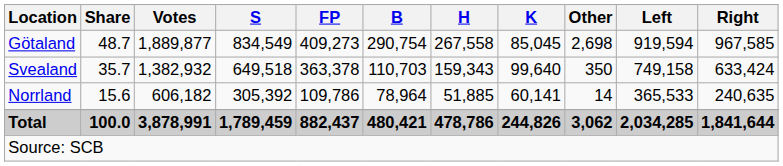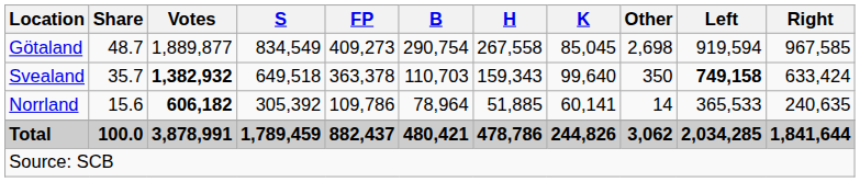 <table class="wikitable sortable" style=text-align:right>
 <tr>
 <th>Location</th>
 <th>Share</th>
 <th>Votes</th>
 <th><a href='#'>S</a></th>
 <th><a href='#'>FP</a></th>
 <th><a href='#'>B</a></th>
 <th><a href='#'>H</a></th>
 <th><a href='#'>K</a></th>
 <th>Other</th>
 <th>Left</th>
 <th>Right</th>
 </tr>
 <tr>
 <td align=left><a href='#'>Götaland</a></td>
 <td>48.7</td>
 <td>1,889,877</td>
 <td>834,549</td>
 <td>409,273</td>
 <td>290,754</td>
 <td>267,558</td>
 <td>85,045</td>
 <td>2,698</td>
 <td>919,594</td>
 <td>967,585</td>
 </tr>
 <tr>
 <td align=left><a href='#'>Svealand</a></td>
 <td>35.7</td>
-<td>1,382,932</td>
+<td><strong>1,382,932</strong></td>
 <td>649,518</td>
 <td>363,378</td>
 <td>110,703</td>
 <td>159,343</td>
 <td>99,640</td>
 <td>350</td>
-<td>749,158</td>
+<td><strong>749,158</strong></td>
 <td>633,424</td>
 </tr>
 <tr>
 <td align=left><a href='#'>Norrland</a></td>
 <td>15.6</td>
-<td>606,182</td>
+<td><strong>606,182</strong></td>
 <td>305,392</td>
 <td>109,786</td>
 <td>78,964</td>
 <td>51,885</td>
 <td>60,141</td>
 <td>14</td>
 <td>365,533</td>
 <td>240,635</td>
 </tr>
 <tr>
 </tr>
 <tr style="background:#CDCDCD;">
 <td align=left><strong>Total</strong></td>
 <td><strong>100.0</strong></td>
 <td><strong>3,878,991</strong></td>
 <td><strong>1,789,459</strong></td>
 <td><strong>882,437</strong></td>
 <td><strong>480,421</strong></td>
 <td><strong>478,786</strong></td>
 <td><strong>244,826</strong></td>
 <td><strong>3,062</strong></td>
 <td><strong>2,034,285</strong></td>
 <td><strong>1,841,644</strong></td>
 </tr>
 <tr>
 <td align=left colspan=11>Source: SCB </td>
 </tr>
 </table>
